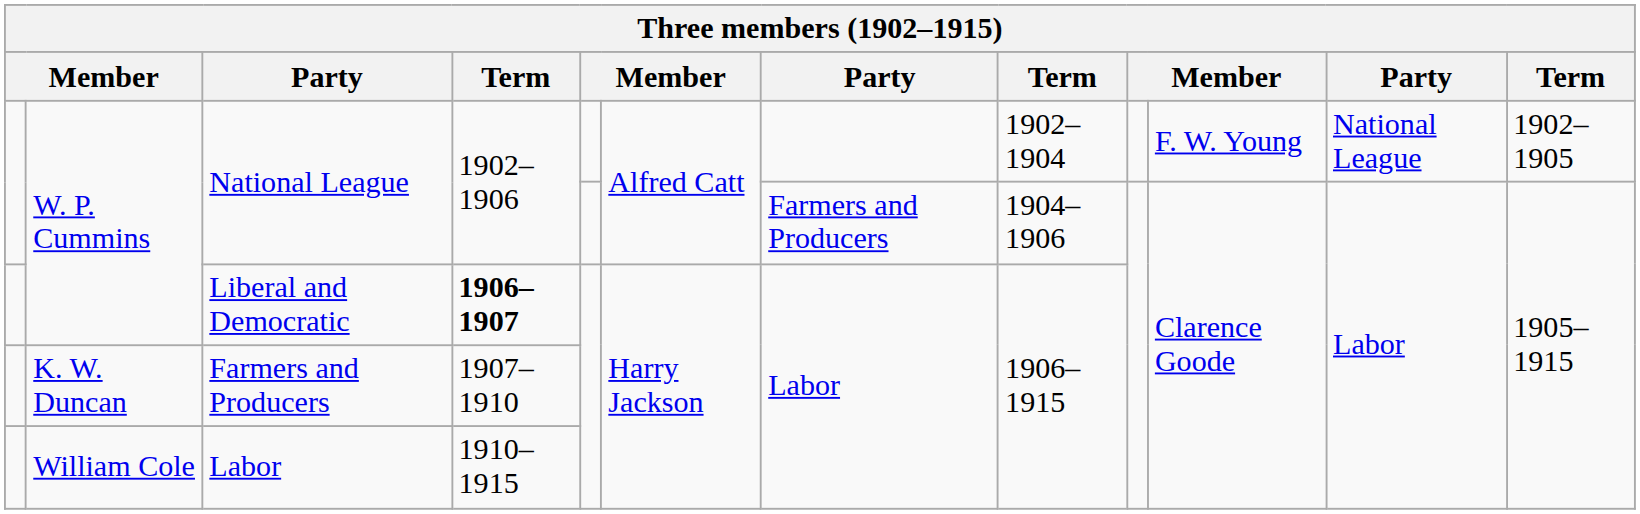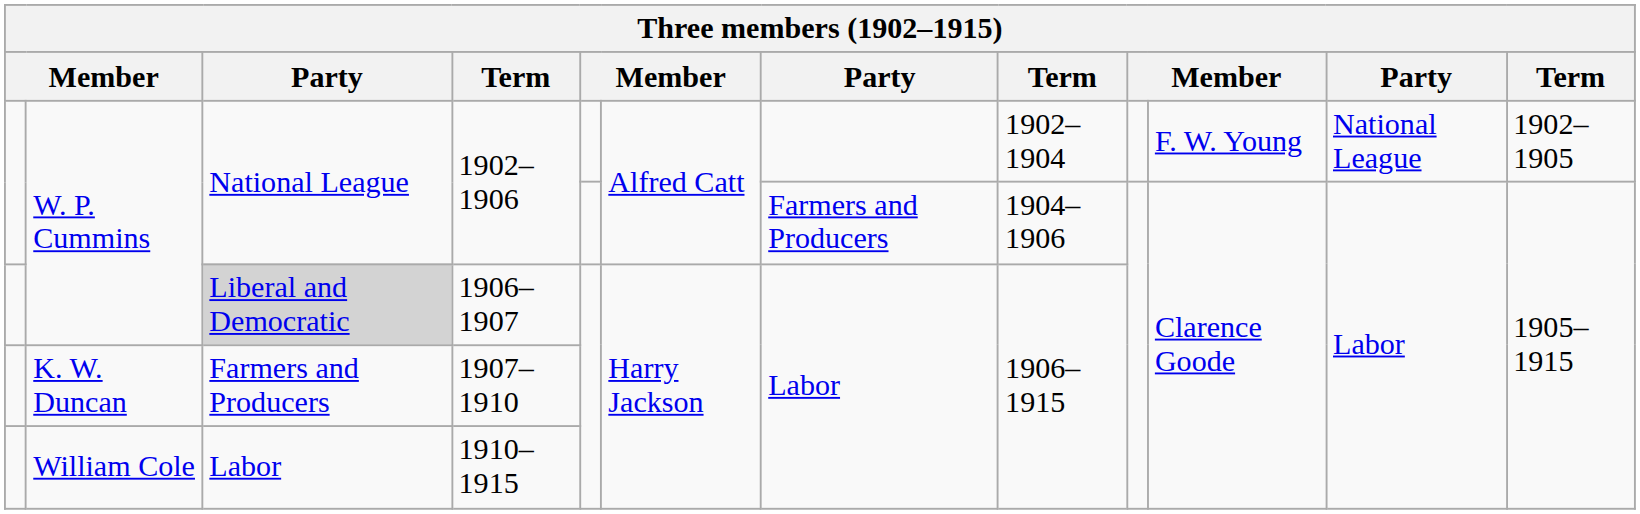 <table class="wikitable">
 <tr>
 <th colspan=12>Three members (1902–1915)</th>
 </tr>
 <tr>
 <th colspan=2>Member</th>
 <th>Party</th>
 <th>Term</th>
 <th colspan=2>Member</th>
 <th>Party</th>
 <th>Term</th>
 <th colspan=2>Member</th>
 <th>Party</th>
 <th>Term</th>
 </tr>
 <tr>
 <td rowspan=2 > </td>
 <td rowspan=3><a href='#'>W. P. Cummins</a></td>
 <td rowspan=2><a href='#'>National League</a></td>
 <td rowspan=2>1902–1906</td>
 <td> </td>
 <td rowspan=2><a href='#'>Alfred Catt</a></td>
 <td></td>
 <td>1902–1904</td>
 <td> </td>
 <td><a href='#'>F. W. Young</a></td>
 <td><a href='#'>National League</a></td>
 <td>1902–1905</td>
 </tr>
 <tr>
 <td> </td>
 <td><a href='#'>Farmers and Producers</a></td>
 <td>1904–1906</td>
 <td rowspan=4 > </td>
 <td rowspan=4><a href='#'>Clarence Goode</a></td>
 <td rowspan=4><a href='#'>Labor</a></td>
 <td rowspan=4>1905–1915</td>
 </tr>
 <tr>
 <td> </td>
-<td><a href='#'>Liberal and Democratic</a></td>
-<td><strong>1906–1907</strong></td>
+<td style="background: lightgrey;"><a href='#'>Liberal and Democratic</a></td>
+<td>1906–1907</td>
 <td rowspan=3 > </td>
 <td rowspan=3><a href='#'>Harry Jackson</a></td>
 <td rowspan=3><a href='#'>Labor</a></td>
 <td rowspan=3>1906–1915</td>
 </tr>
 <tr>
 <td> </td>
 <td><a href='#'>K. W. Duncan</a></td>
 <td><a href='#'>Farmers and Producers</a></td>
 <td>1907–1910</td>
 </tr>
 <tr>
 <td> </td>
 <td><a href='#'>William Cole</a></td>
 <td><a href='#'>Labor</a></td>
 <td>1910–1915</td>
 </tr>
 </table>
